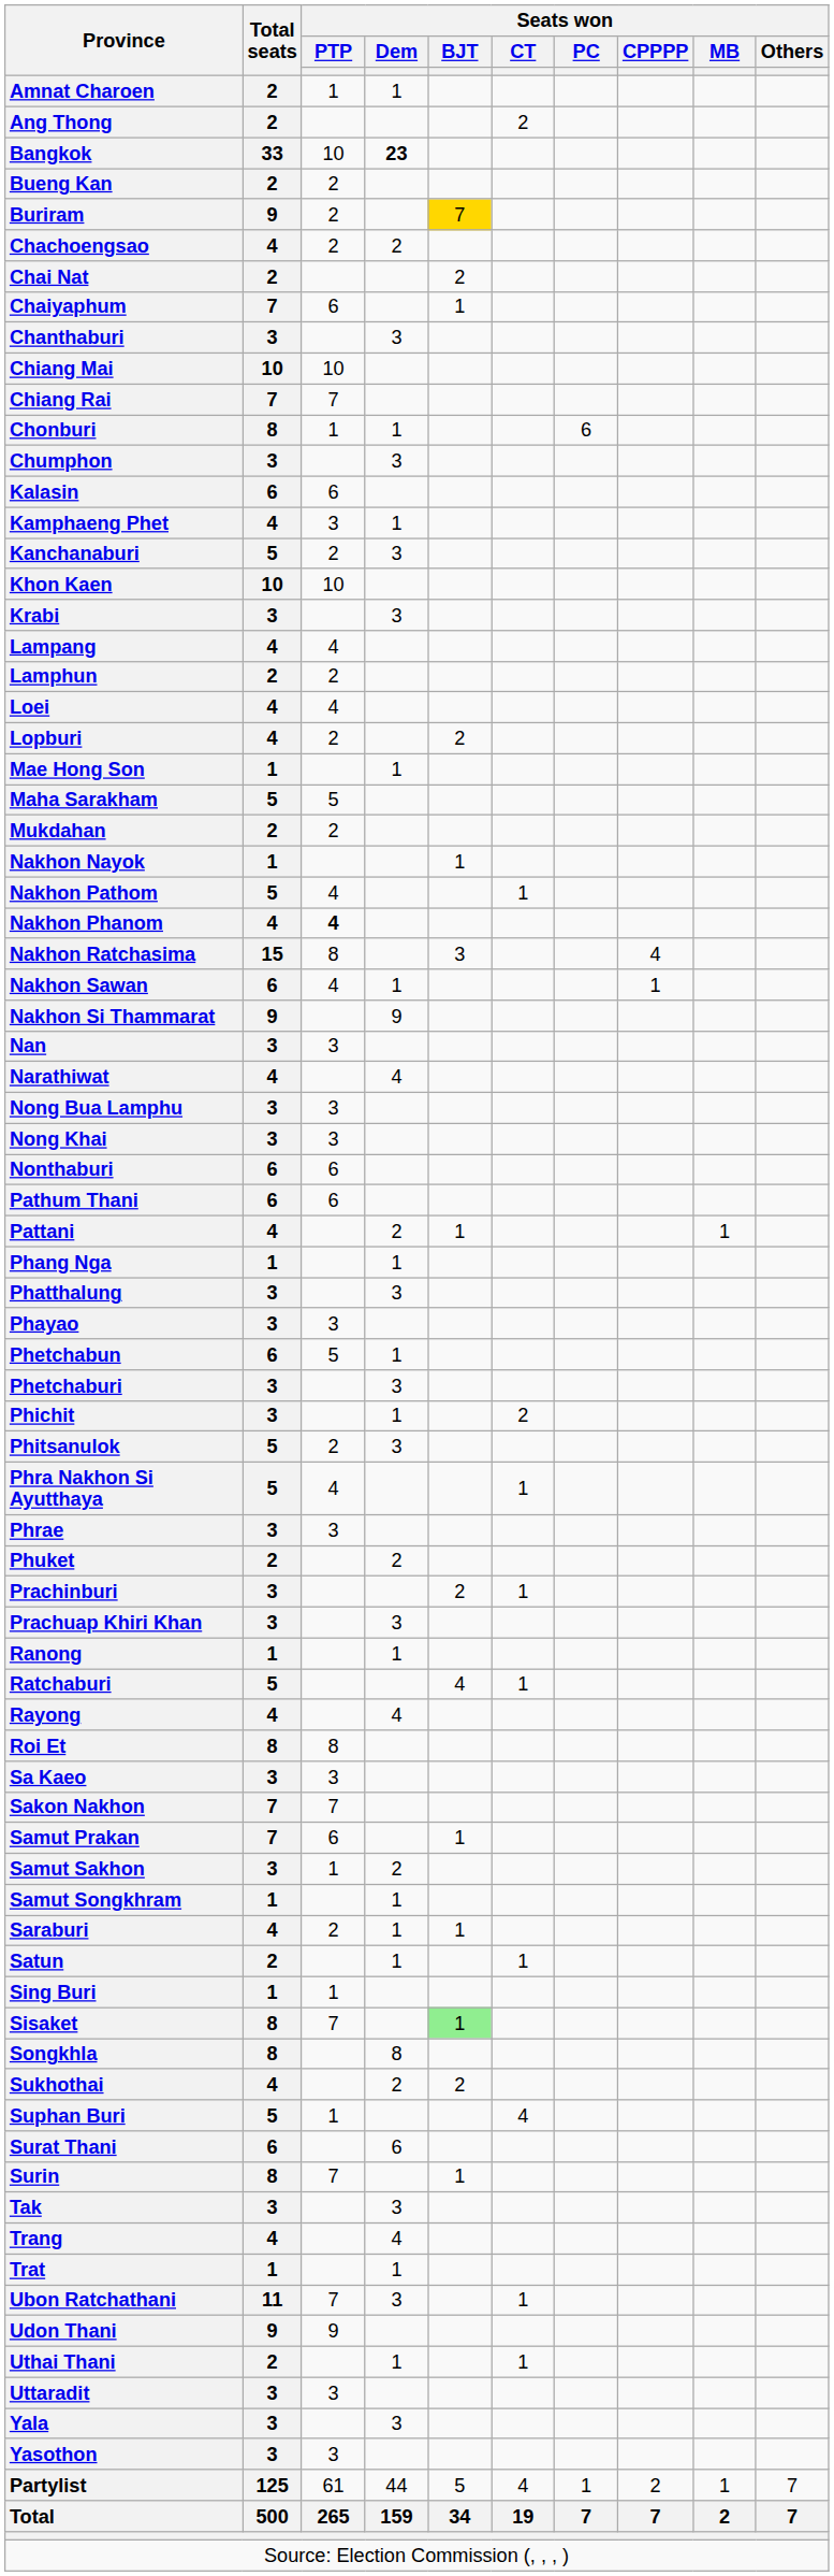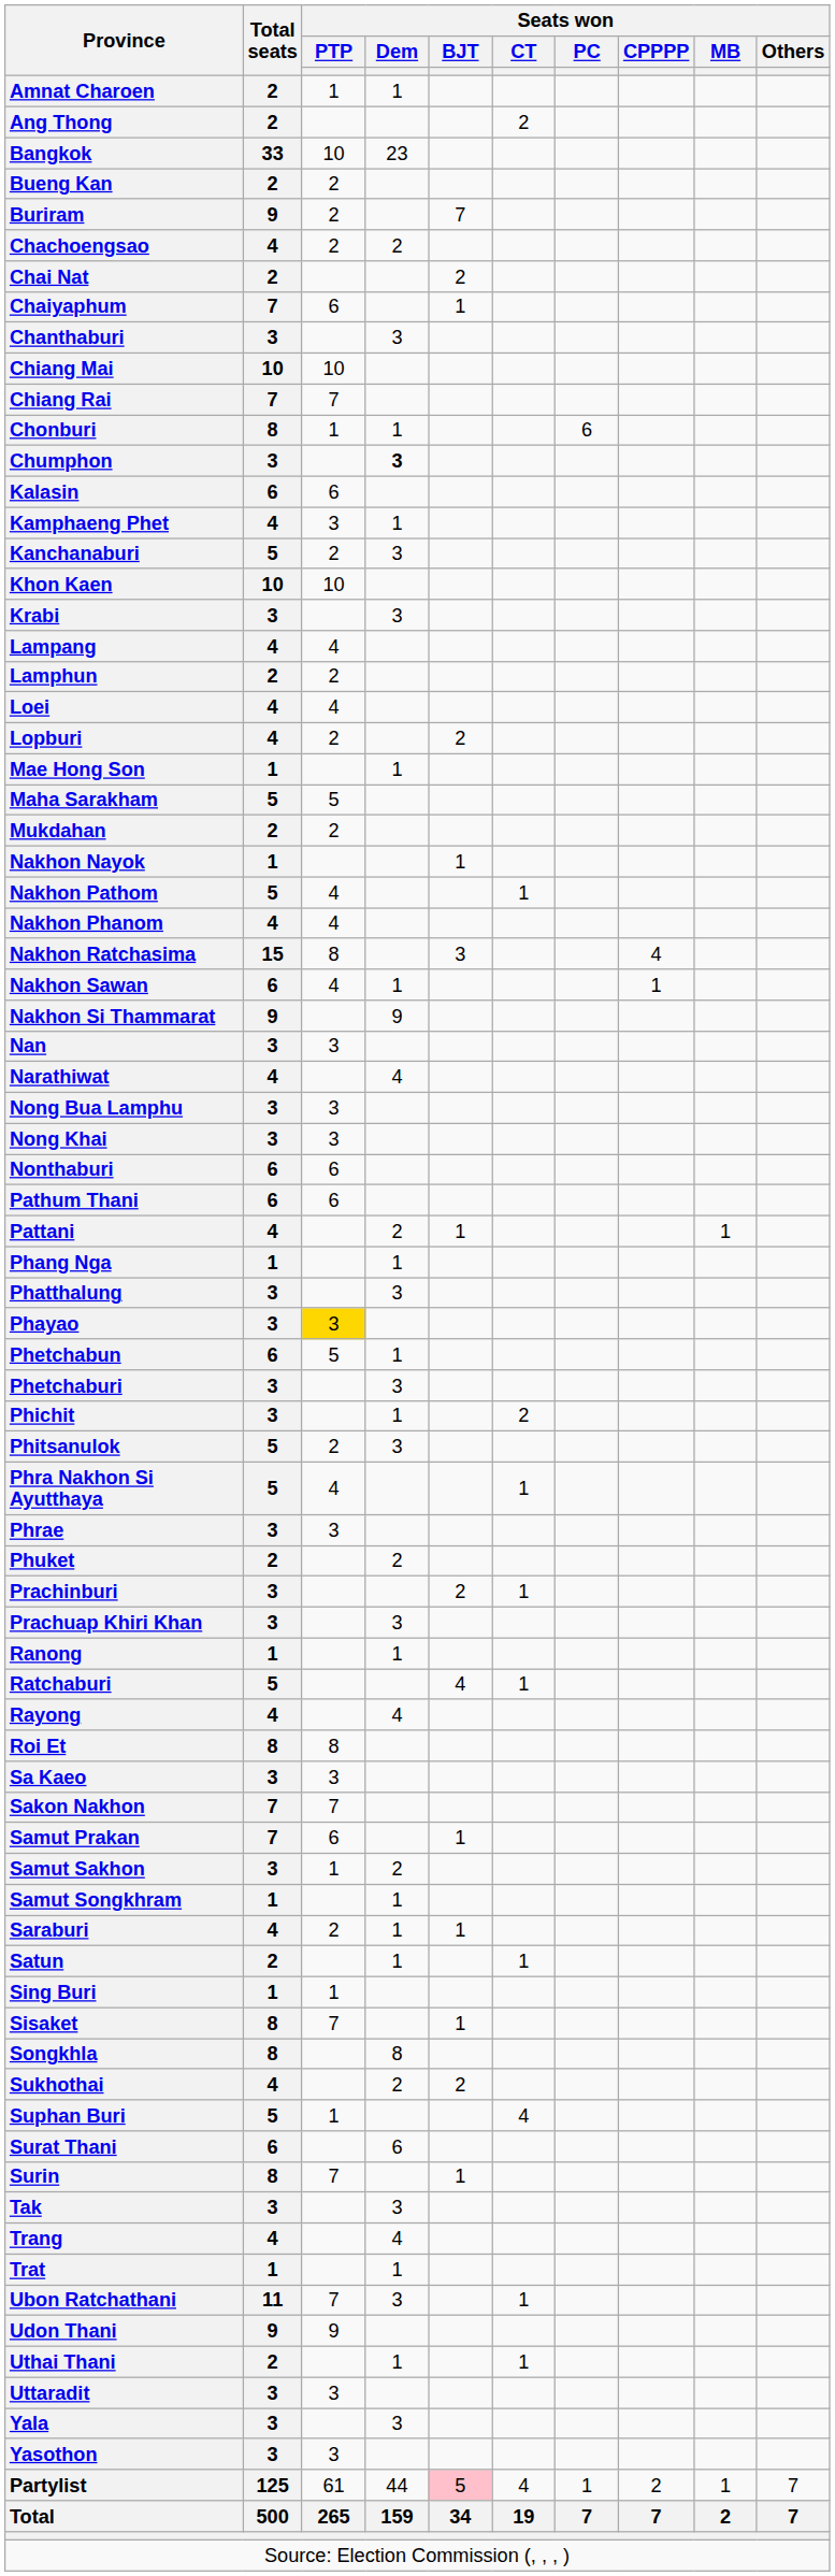 <table class="wikitable" style="text-align:center; font-size: 0.9em;">
 <tr>
 <th rowspan="3">Province</th>
 <th rowspan="3">Total<br>seats</th>
 <th colspan="8">Seats won</th>
 </tr>
 <tr>
 <th class="unsortable" style="width:40px;"><a href='#'>PTP</a></th>
 <th class="unsortable" style="width:40px;"><a href='#'>Dem</a></th>
 <th class="unsortable" style="width:40px;"><a href='#'>BJT</a></th>
 <th class="unsortable" style="width:40px;"><a href='#'>CT</a></th>
 <th class="unsortable" style="width:40px;"><a href='#'>PC</a></th>
 <th class="unsortable" style="width:40px;"><a href='#'>CPPPP</a></th>
 <th class="unsortable" style="width:40px;"><a href='#'>MB</a></th>
 <th class="unsortable" style="width:40px;">Others</th>
 </tr>
 <tr>
 <th style="background:"></th>
 <th style="background:"></th>
 <th style="background:"></th>
 <th style="background:"></th>
 <th style="background:"></th>
 <th style="background:"></th>
 <th style="background:"></th>
 <th style="background:"></th>
 </tr>
 <tr>
 <th style="text-align: left;"><a href='#'>Amnat Charoen</a></th>
 <th>2</th>
 <td>1</td>
 <td>1</td>
 <td></td>
 <td></td>
 <td></td>
 <td></td>
 <td></td>
 <td></td>
 </tr>
 <tr>
 <th style="text-align: left;"><a href='#'>Ang Thong</a></th>
 <th>2</th>
 <td></td>
 <td></td>
 <td></td>
 <td>2</td>
 <td></td>
 <td></td>
 <td></td>
 <td></td>
 </tr>
 <tr>
 <th style="text-align: left;"><a href='#'>Bangkok</a></th>
 <th>33</th>
 <td>10</td>
-<td><strong>23</strong></td>
+<td>23</td>
 <td></td>
 <td></td>
 <td></td>
 <td></td>
 <td></td>
 <td></td>
 </tr>
 <tr>
 <th style="text-align: left;"><a href='#'>Bueng Kan</a></th>
 <th>2</th>
 <td>2</td>
 <td></td>
 <td></td>
 <td></td>
 <td></td>
 <td></td>
 <td></td>
 <td></td>
 </tr>
 <tr>
 <th style="text-align: left;"><a href='#'>Buriram</a></th>
 <th>9</th>
 <td>2</td>
 <td></td>
-<td style="background: gold;">7</td>
+<td>7</td>
 <td></td>
 <td></td>
 <td></td>
 <td></td>
 <td></td>
 </tr>
 <tr>
 <th style="text-align: left;"><a href='#'>Chachoengsao</a></th>
 <th>4</th>
 <td>2</td>
 <td>2</td>
 <td></td>
 <td></td>
 <td></td>
 <td></td>
 <td></td>
 <td></td>
 </tr>
 <tr>
 <th style="text-align: left;"><a href='#'>Chai Nat</a></th>
 <th>2</th>
 <td></td>
 <td></td>
 <td>2</td>
 <td></td>
 <td></td>
 <td></td>
 <td></td>
 <td></td>
 </tr>
 <tr>
 <th style="text-align: left;"><a href='#'>Chaiyaphum</a></th>
 <th>7</th>
 <td>6</td>
 <td></td>
 <td>1</td>
 <td></td>
 <td></td>
 <td></td>
 <td></td>
 <td></td>
 </tr>
 <tr>
 <th style="text-align: left;"><a href='#'>Chanthaburi</a></th>
 <th>3</th>
 <td></td>
 <td>3</td>
 <td></td>
 <td></td>
 <td></td>
 <td></td>
 <td></td>
 <td></td>
 </tr>
 <tr>
 <th style="text-align: left;"><a href='#'>Chiang Mai</a></th>
 <th>10</th>
 <td>10</td>
 <td></td>
 <td></td>
 <td></td>
 <td></td>
 <td></td>
 <td></td>
 <td></td>
 </tr>
 <tr>
 <th style="text-align: left;"><a href='#'>Chiang Rai</a></th>
 <th>7</th>
 <td>7</td>
 <td></td>
 <td></td>
 <td></td>
 <td></td>
 <td></td>
 <td></td>
 <td></td>
 </tr>
 <tr>
 <th style="text-align: left;"><a href='#'>Chonburi</a></th>
 <th>8</th>
 <td>1</td>
 <td>1</td>
 <td></td>
 <td></td>
 <td>6</td>
 <td></td>
 <td></td>
 <td></td>
 </tr>
 <tr>
 <th style="text-align: left;"><a href='#'>Chumphon</a></th>
 <th>3</th>
 <td></td>
-<td>3</td>
+<td><strong>3</strong></td>
 <td></td>
 <td></td>
 <td></td>
 <td></td>
 <td></td>
 <td></td>
 </tr>
 <tr>
 <th style="text-align: left;"><a href='#'>Kalasin</a></th>
 <th>6</th>
 <td>6</td>
 <td></td>
 <td></td>
 <td></td>
 <td></td>
 <td></td>
 <td></td>
 <td></td>
 </tr>
 <tr>
 <th style="text-align: left;"><a href='#'>Kamphaeng Phet</a></th>
 <th>4</th>
 <td>3</td>
 <td>1</td>
 <td></td>
 <td></td>
 <td></td>
 <td></td>
 <td></td>
 <td></td>
 </tr>
 <tr>
 <th style="text-align: left;"><a href='#'>Kanchanaburi</a></th>
 <th>5</th>
 <td>2</td>
 <td>3</td>
 <td></td>
 <td></td>
 <td></td>
 <td></td>
 <td></td>
 <td></td>
 </tr>
 <tr>
 <th style="text-align: left;"><a href='#'>Khon Kaen</a></th>
 <th>10</th>
 <td>10</td>
 <td></td>
 <td></td>
 <td></td>
 <td></td>
 <td></td>
 <td></td>
 <td></td>
 </tr>
 <tr>
 <th style="text-align: left;"><a href='#'>Krabi</a></th>
 <th>3</th>
 <td></td>
 <td>3</td>
 <td></td>
 <td></td>
 <td></td>
 <td></td>
 <td></td>
 <td></td>
 </tr>
 <tr>
 <th style="text-align: left;"><a href='#'>Lampang</a></th>
 <th>4</th>
 <td>4</td>
 <td></td>
 <td></td>
 <td></td>
 <td></td>
 <td></td>
 <td></td>
 <td></td>
 </tr>
 <tr>
 <th style="text-align: left;"><a href='#'>Lamphun</a></th>
 <th>2</th>
 <td>2</td>
 <td></td>
 <td></td>
 <td></td>
 <td></td>
 <td></td>
 <td></td>
 <td></td>
 </tr>
 <tr>
 <th style="text-align: left;"><a href='#'>Loei</a></th>
 <th>4</th>
 <td>4</td>
 <td></td>
 <td></td>
 <td></td>
 <td></td>
 <td></td>
 <td></td>
 <td></td>
 </tr>
 <tr>
 <th style="text-align: left;"><a href='#'>Lopburi</a></th>
 <th>4</th>
 <td>2</td>
 <td></td>
 <td>2</td>
 <td></td>
 <td></td>
 <td></td>
 <td></td>
 <td></td>
 </tr>
 <tr>
 <th style="text-align: left;"><a href='#'>Mae Hong Son</a></th>
 <th>1</th>
 <td></td>
 <td>1</td>
 <td></td>
 <td></td>
 <td></td>
 <td></td>
 <td></td>
 <td></td>
 </tr>
 <tr>
 <th style="text-align: left;"><a href='#'>Maha Sarakham</a></th>
 <th>5</th>
 <td>5</td>
 <td></td>
 <td></td>
 <td></td>
 <td></td>
 <td></td>
 <td></td>
 <td></td>
 </tr>
 <tr>
 <th style="text-align: left;"><a href='#'>Mukdahan</a></th>
 <th>2</th>
 <td>2</td>
 <td></td>
 <td></td>
 <td></td>
 <td></td>
 <td></td>
 <td></td>
 <td></td>
 </tr>
 <tr>
 <th style="text-align: left;"><a href='#'>Nakhon Nayok</a></th>
 <th>1</th>
 <td></td>
 <td></td>
 <td>1</td>
 <td></td>
 <td></td>
 <td></td>
 <td></td>
 <td></td>
 </tr>
 <tr>
 <th style="text-align: left;"><a href='#'>Nakhon Pathom</a></th>
 <th>5</th>
 <td>4</td>
 <td></td>
 <td></td>
 <td>1</td>
 <td></td>
 <td></td>
 <td></td>
 <td></td>
 </tr>
 <tr>
 <th style="text-align: left;"><a href='#'>Nakhon Phanom</a></th>
 <th>4</th>
-<td><strong>4</strong></td>
+<td>4</td>
 <td></td>
 <td></td>
 <td></td>
 <td></td>
 <td></td>
 <td></td>
 <td></td>
 </tr>
 <tr>
 <th style="text-align: left;"><a href='#'>Nakhon Ratchasima</a></th>
 <th>15</th>
 <td>8</td>
 <td></td>
 <td>3</td>
 <td></td>
 <td></td>
 <td>4</td>
 <td></td>
 <td></td>
 </tr>
 <tr>
 <th style="text-align: left;"><a href='#'>Nakhon Sawan</a></th>
 <th>6</th>
 <td>4</td>
 <td>1</td>
 <td></td>
 <td></td>
 <td></td>
 <td>1</td>
 <td></td>
 <td></td>
 </tr>
 <tr>
 <th style="text-align: left;"><a href='#'>Nakhon Si Thammarat</a></th>
 <th>9</th>
 <td></td>
 <td>9</td>
 <td></td>
 <td></td>
 <td></td>
 <td></td>
 <td></td>
 <td></td>
 </tr>
 <tr>
 <th style="text-align: left;"><a href='#'>Nan</a></th>
 <th>3</th>
 <td>3</td>
 <td></td>
 <td></td>
 <td></td>
 <td></td>
 <td></td>
 <td></td>
 <td></td>
 </tr>
 <tr>
 <th style="text-align: left;"><a href='#'>Narathiwat</a></th>
 <th>4</th>
 <td></td>
 <td>4</td>
 <td></td>
 <td></td>
 <td></td>
 <td></td>
 <td></td>
 <td></td>
 </tr>
 <tr>
 <th style="text-align: left;"><a href='#'>Nong Bua Lamphu</a></th>
 <th>3</th>
 <td>3</td>
 <td></td>
 <td></td>
 <td></td>
 <td></td>
 <td></td>
 <td></td>
 <td></td>
 </tr>
 <tr>
 <th style="text-align: left;"><a href='#'>Nong Khai</a></th>
 <th>3</th>
 <td>3</td>
 <td></td>
 <td></td>
 <td></td>
 <td></td>
 <td></td>
 <td></td>
 <td></td>
 </tr>
 <tr>
 <th style="text-align: left;"><a href='#'>Nonthaburi</a></th>
 <th>6</th>
 <td>6</td>
 <td></td>
 <td></td>
 <td></td>
 <td></td>
 <td></td>
 <td></td>
 <td></td>
 </tr>
 <tr>
 <th style="text-align: left;"><a href='#'>Pathum Thani</a></th>
 <th>6</th>
 <td>6</td>
 <td></td>
 <td></td>
 <td></td>
 <td></td>
 <td></td>
 <td></td>
 <td></td>
 </tr>
 <tr>
 <th style="text-align: left;"><a href='#'>Pattani</a></th>
 <th>4</th>
 <td></td>
 <td>2</td>
 <td>1</td>
 <td></td>
 <td></td>
 <td></td>
 <td>1</td>
 <td></td>
 </tr>
 <tr>
 <th style="text-align: left;"><a href='#'>Phang Nga</a></th>
 <th>1</th>
 <td></td>
 <td>1</td>
 <td></td>
 <td></td>
 <td></td>
 <td></td>
 <td></td>
 <td></td>
 </tr>
 <tr>
 <th style="text-align: left;"><a href='#'>Phatthalung</a></th>
 <th>3</th>
 <td></td>
 <td>3</td>
 <td></td>
 <td></td>
 <td></td>
 <td></td>
 <td></td>
 <td></td>
 </tr>
 <tr>
 <th style="text-align: left;"><a href='#'>Phayao</a></th>
 <th>3</th>
-<td>3</td>
+<td style="background: gold;">3</td>
 <td></td>
 <td></td>
 <td></td>
 <td></td>
 <td></td>
 <td></td>
 <td></td>
 </tr>
 <tr>
 <th style="text-align: left;"><a href='#'>Phetchabun</a></th>
 <th>6</th>
 <td>5</td>
 <td>1</td>
 <td></td>
 <td></td>
 <td></td>
 <td></td>
 <td></td>
 <td></td>
 </tr>
 <tr>
 <th style="text-align: left;"><a href='#'>Phetchaburi</a></th>
 <th>3</th>
 <td></td>
 <td>3</td>
 <td></td>
 <td></td>
 <td></td>
 <td></td>
 <td></td>
 <td></td>
 </tr>
 <tr>
 <th style="text-align: left;"><a href='#'>Phichit</a></th>
 <th>3</th>
 <td></td>
 <td>1</td>
 <td></td>
 <td>2</td>
 <td></td>
 <td></td>
 <td></td>
 <td></td>
 </tr>
 <tr>
 <th style="text-align: left;"><a href='#'>Phitsanulok</a></th>
 <th>5</th>
 <td>2</td>
 <td>3</td>
 <td></td>
 <td></td>
 <td></td>
 <td></td>
 <td></td>
 <td></td>
 </tr>
 <tr>
 <th style="text-align: left;"><a href='#'>Phra Nakhon Si Ayutthaya</a></th>
 <th>5</th>
 <td>4</td>
 <td></td>
 <td></td>
 <td>1</td>
 <td></td>
 <td></td>
 <td></td>
 <td></td>
 </tr>
 <tr>
 <th style="text-align: left;"><a href='#'>Phrae</a></th>
 <th>3</th>
 <td>3</td>
 <td></td>
 <td></td>
 <td></td>
 <td></td>
 <td></td>
 <td></td>
 <td></td>
 </tr>
 <tr>
 <th style="text-align: left;"><a href='#'>Phuket</a></th>
 <th>2</th>
 <td></td>
 <td>2</td>
 <td></td>
 <td></td>
 <td></td>
 <td></td>
 <td></td>
 <td></td>
 </tr>
 <tr>
 <th style="text-align: left;"><a href='#'>Prachinburi</a></th>
 <th>3</th>
 <td></td>
 <td></td>
 <td>2</td>
 <td>1</td>
 <td></td>
 <td></td>
 <td></td>
 <td></td>
 </tr>
 <tr>
 <th style="text-align: left;"><a href='#'>Prachuap Khiri Khan</a></th>
 <th>3</th>
 <td></td>
 <td>3</td>
 <td></td>
 <td></td>
 <td></td>
 <td></td>
 <td></td>
 <td></td>
 </tr>
 <tr>
 <th style="text-align: left;"><a href='#'>Ranong</a></th>
 <th>1</th>
 <td></td>
 <td>1</td>
 <td></td>
 <td></td>
 <td></td>
 <td></td>
 <td></td>
 <td></td>
 </tr>
 <tr>
 <th style="text-align: left;"><a href='#'>Ratchaburi</a></th>
 <th>5</th>
 <td></td>
 <td></td>
 <td>4</td>
 <td>1</td>
 <td></td>
 <td></td>
 <td></td>
 <td></td>
 </tr>
 <tr>
 <th style="text-align: left;"><a href='#'>Rayong</a></th>
 <th>4</th>
 <td></td>
 <td>4</td>
 <td></td>
 <td></td>
 <td></td>
 <td></td>
 <td></td>
 <td></td>
 </tr>
 <tr>
 <th style="text-align: left;"><a href='#'>Roi Et</a></th>
 <th>8</th>
 <td>8</td>
 <td></td>
 <td></td>
 <td></td>
 <td></td>
 <td></td>
 <td></td>
 <td></td>
 </tr>
 <tr>
 <th style="text-align: left;"><a href='#'>Sa Kaeo</a></th>
 <th>3</th>
 <td>3</td>
 <td></td>
 <td></td>
 <td></td>
 <td></td>
 <td></td>
 <td></td>
 <td></td>
 </tr>
 <tr>
 <th style="text-align: left;"><a href='#'>Sakon Nakhon</a></th>
 <th>7</th>
 <td>7</td>
 <td></td>
 <td></td>
 <td></td>
 <td></td>
 <td></td>
 <td></td>
 <td></td>
 </tr>
 <tr>
 <th style="text-align: left;"><a href='#'>Samut Prakan</a></th>
 <th>7</th>
 <td>6</td>
 <td></td>
 <td>1</td>
 <td></td>
 <td></td>
 <td></td>
 <td></td>
 <td></td>
 </tr>
 <tr>
 <th style="text-align: left;"><a href='#'>Samut Sakhon</a></th>
 <th>3</th>
 <td>1</td>
 <td>2</td>
 <td></td>
 <td></td>
 <td></td>
 <td></td>
 <td></td>
 <td></td>
 </tr>
 <tr>
 <th style="text-align: left;"><a href='#'>Samut Songkhram</a></th>
 <th>1</th>
 <td></td>
 <td>1</td>
 <td></td>
 <td></td>
 <td></td>
 <td></td>
 <td></td>
 <td></td>
 </tr>
 <tr>
 <th style="text-align: left;"><a href='#'>Saraburi</a></th>
 <th>4</th>
 <td>2</td>
 <td>1</td>
 <td>1</td>
 <td></td>
 <td></td>
 <td></td>
 <td></td>
 <td></td>
 </tr>
 <tr>
 <th style="text-align: left;"><a href='#'>Satun</a></th>
 <th>2</th>
 <td></td>
 <td>1</td>
 <td></td>
 <td>1</td>
 <td></td>
 <td></td>
 <td></td>
 <td></td>
 </tr>
 <tr>
 <th style="text-align: left;"><a href='#'>Sing Buri</a></th>
 <th>1</th>
 <td>1</td>
 <td></td>
 <td></td>
 <td></td>
 <td></td>
 <td></td>
 <td></td>
 <td></td>
 </tr>
 <tr>
 <th style="text-align: left;"><a href='#'>Sisaket</a></th>
 <th>8</th>
 <td>7</td>
 <td></td>
-<td style="background: lightgreen;">1</td>
+<td>1</td>
 <td></td>
 <td></td>
 <td></td>
 <td></td>
 <td></td>
 </tr>
 <tr>
 <th style="text-align: left;"><a href='#'>Songkhla</a></th>
 <th>8</th>
 <td></td>
 <td>8</td>
 <td></td>
 <td></td>
 <td></td>
 <td></td>
 <td></td>
 <td></td>
 </tr>
 <tr>
 <th style="text-align: left;"><a href='#'>Sukhothai</a></th>
 <th>4</th>
 <td></td>
 <td>2</td>
 <td>2</td>
 <td></td>
 <td></td>
 <td></td>
 <td></td>
 <td></td>
 </tr>
 <tr>
 <th style="text-align: left;"><a href='#'>Suphan Buri</a></th>
 <th>5</th>
 <td>1</td>
 <td></td>
 <td></td>
 <td>4</td>
 <td></td>
 <td></td>
 <td></td>
 <td></td>
 </tr>
 <tr>
 <th style="text-align: left;"><a href='#'>Surat Thani</a></th>
 <th>6</th>
 <td></td>
 <td>6</td>
 <td></td>
 <td></td>
 <td></td>
 <td></td>
 <td></td>
 <td></td>
 </tr>
 <tr>
 <th style="text-align: left;"><a href='#'>Surin</a></th>
 <th>8</th>
 <td>7</td>
 <td></td>
 <td>1</td>
 <td></td>
 <td></td>
 <td></td>
 <td></td>
 <td></td>
 </tr>
 <tr>
 <th style="text-align: left;"><a href='#'>Tak</a></th>
 <th>3</th>
 <td></td>
 <td>3</td>
 <td></td>
 <td></td>
 <td></td>
 <td></td>
 <td></td>
 <td></td>
 </tr>
 <tr>
 <th style="text-align: left;"><a href='#'>Trang</a></th>
 <th>4</th>
 <td></td>
 <td>4</td>
 <td></td>
 <td></td>
 <td></td>
 <td></td>
 <td></td>
 <td></td>
 </tr>
 <tr>
 <th style="text-align: left;"><a href='#'>Trat</a></th>
 <th>1</th>
 <td></td>
 <td>1</td>
 <td></td>
 <td></td>
 <td></td>
 <td></td>
 <td></td>
 <td></td>
 </tr>
 <tr>
 <th style="text-align: left;"><a href='#'>Ubon Ratchathani</a></th>
 <th>11</th>
 <td>7</td>
 <td>3</td>
 <td></td>
 <td>1</td>
 <td></td>
 <td></td>
 <td></td>
 <td></td>
 </tr>
 <tr>
 <th style="text-align: left;"><a href='#'>Udon Thani</a></th>
 <th>9</th>
 <td>9</td>
 <td></td>
 <td></td>
 <td></td>
 <td></td>
 <td></td>
 <td></td>
 <td></td>
 </tr>
 <tr>
 <th style="text-align: left;"><a href='#'>Uthai Thani</a></th>
 <th>2</th>
 <td></td>
 <td>1</td>
 <td></td>
 <td>1</td>
 <td></td>
 <td></td>
 <td></td>
 <td></td>
 </tr>
 <tr>
 <th style="text-align: left;"><a href='#'>Uttaradit</a></th>
 <th>3</th>
 <td>3</td>
 <td></td>
 <td></td>
 <td></td>
 <td></td>
 <td></td>
 <td></td>
 <td></td>
 </tr>
 <tr>
 <th style="text-align: left;"><a href='#'>Yala</a></th>
 <th>3</th>
 <td></td>
 <td>3</td>
 <td></td>
 <td></td>
 <td></td>
 <td></td>
 <td></td>
 <td></td>
 </tr>
 <tr>
 <th style="text-align: left;"><a href='#'>Yasothon</a></th>
 <th>3</th>
 <td>3</td>
 <td></td>
 <td></td>
 <td></td>
 <td></td>
 <td></td>
 <td></td>
 <td></td>
 </tr>
 <tr>
 <th style="text-align: left;">Partylist</th>
 <th>125</th>
 <td>61</td>
 <td>44</td>
-<td>5</td>
+<td style="background: pink;">5</td>
 <td>4</td>
 <td>1</td>
 <td>2</td>
 <td>1</td>
 <td>7</td>
 </tr>
 <tr class="sortbottom">
 <th style="text-align: left;">Total</th>
 <th>500</th>
 <th>265</th>
 <th>159</th>
 <th>34</th>
 <th>19</th>
 <th>7</th>
 <th>7</th>
 <th>2</th>
 <th>7</th>
 </tr>
 <tr>
 <th colspan="10"></th>
 </tr>
 <tr>
 <td colspan="10">Source: Election Commission (, , , )</td>
 </tr>
 </table>
